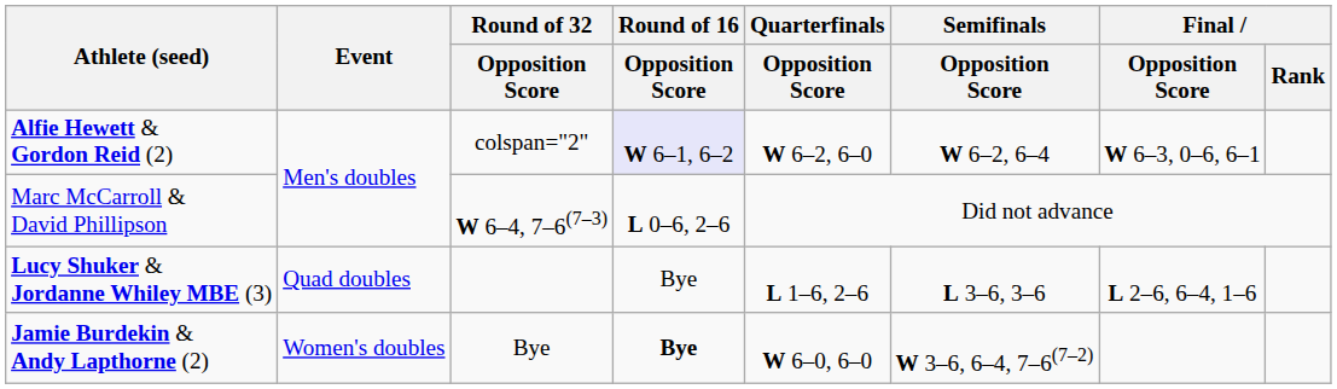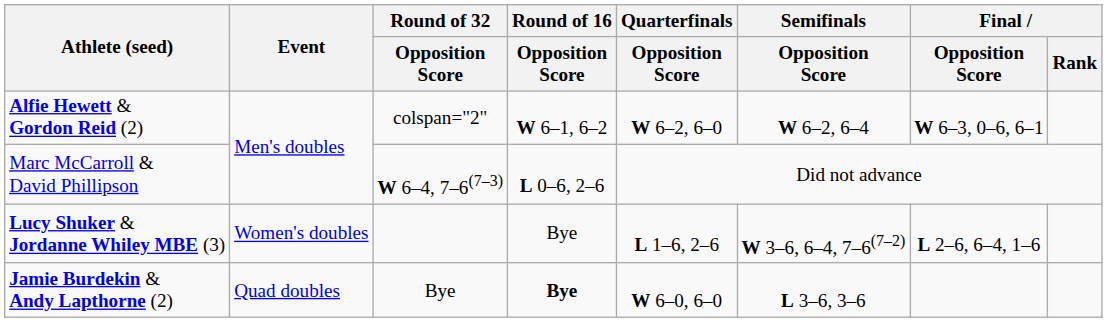 <table class=wikitable style="font-size:90%">
 <tr>
 <th rowspan="2">Athlete (seed)</th>
 <th rowspan="2">Event</th>
 <th>Round of 32</th>
 <th>Round of 16</th>
 <th>Quarterfinals</th>
 <th>Semifinals</th>
 <th colspan="2">Final / </th>
 </tr>
 <tr>
 <th>Opposition<br>Score</th>
 <th>Opposition<br>Score</th>
 <th>Opposition<br>Score</th>
 <th>Opposition<br>Score</th>
 <th>Opposition<br>Score</th>
 <th>Rank</th>
 </tr>
 <tr align=center>
 <td align=left><strong><a href='#'>Alfie Hewett</a></strong> &<br> <strong><a href='#'>Gordon Reid</a></strong> (2)</td>
 <td style="text-align:left;" rowspan="2"><a href='#'>Men's doubles</a></td>
 <td>colspan="2" </td>
-<td style="background: lavender;"><br><strong>W</strong> 6–1, 6–2</td>
+<td><br><strong>W</strong> 6–1, 6–2</td>
 <td><br><strong>W</strong> 6–2, 6–0</td>
 <td><br><strong>W</strong> 6–2, 6–4</td>
 <td><br><strong>W</strong> 6–3, 0–6, 6–1</td>
 <td></td>
 </tr>
 <tr align=center>
 <td align=left><a href='#'>Marc McCarroll</a> &<br> <a href='#'>David Phillipson</a></td>
 <td><br><strong>W</strong> 6–4, 7–6<sup>(7–3)</sup></td>
 <td><br><strong>L</strong> 0–6, 2–6</td>
 <td colspan="4">Did not advance</td>
 </tr>
 <tr align=center>
 <td align=left><strong><a href='#'>Lucy Shuker</a></strong> & <br><strong><a href='#'>Jordanne Whiley MBE</a></strong> (3)</td>
-<td align=left><a href='#'>Quad doubles</a></td>
+<td align=left><a href='#'>Women's doubles</a></td>
 <td></td>
 <td>Bye</td>
 <td><br><strong>L</strong> 1–6, 2–6</td>
-<td><br><strong>L</strong> 3–6, 3–6</td>
+<td><br><strong>W</strong> 3–6, 6–4, 7–6<sup>(7–2)</sup></td>
 <td><br><strong>L</strong> 2–6, 6–4, 1–6</td>
 <td></td>
 </tr>
 <tr align=center>
 <td align=left><strong><a href='#'>Jamie Burdekin</a></strong> & <br><strong><a href='#'>Andy Lapthorne</a></strong> (2)</td>
-<td align=left><a href='#'>Women's doubles</a></td>
+<td align=left><a href='#'>Quad doubles</a></td>
 <td>Bye</td>
 <td><strong>Bye</strong></td>
 <td><br><strong>W</strong> 6–0, 6–0</td>
-<td><br><strong>W</strong> 3–6, 6–4, 7–6<sup>(7–2)</sup></td>
+<td><br><strong>L</strong> 3–6, 3–6</td>
 <td></td>
 </tr>
 </table>
